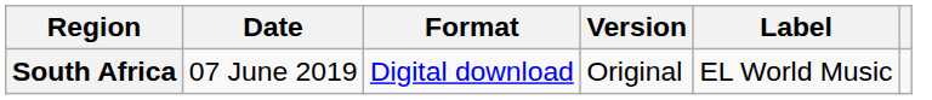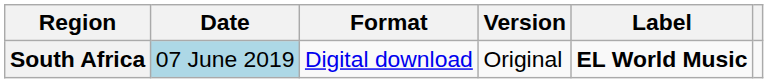 <table class="wikitable plainrowheaders">
 <tr>
 <th>Region</th>
 <th>Date</th>
 <th>Format</th>
 <th>Version</th>
 <th>Label</th>
 <th></th>
 </tr>
 <tr>
 <th scope="row">South Africa</th>
-<td rowspan="1">07 June 2019</td>
+<td rowspan="1" style="background: lightblue;">07 June 2019</td>
 <td rowspan="5"><a href='#'>Digital download</a></td>
 <td>Original</td>
-<td>EL World Music</td>
+<td><strong>EL World Music</strong></td>
 <td style="text-align:center;"></td>
 </tr>
 </table>
